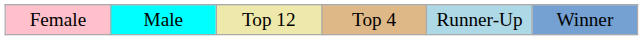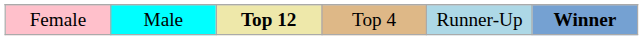 <table class="wikitable" style="margin:1em auto; text-align:center;">
 <tr>
 </tr>
 <tr>
 <td style="background:pink;" width="15%">Female</td>
 <td style="background:cyan;" width="15%">Male</td>
-<td style="background:palegoldenrod;" width="15%">Top 12</td>
+<td style="background:palegoldenrod;" width="15%"><strong>Top 12</strong></td>
 <td style="background:#DEB887" width="15%">Top 4</td>
 <td style="background:lightblue" width="15%">Runner-Up</td>
-<td style="background:#75A1D2" width="15%">Winner</td>
+<td style="background:#75A1D2" width="15%"><strong>Winner</strong></td>
 </tr>
 </table>
